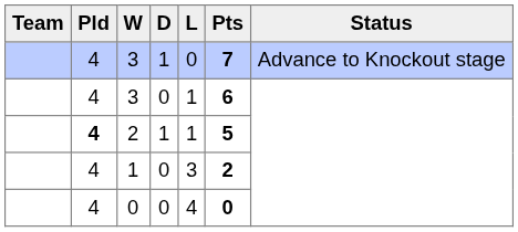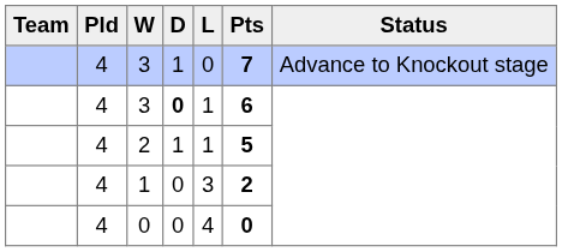 <table style=border-collapse:collapse border=1 cellspacing=0 cellpadding=5>
 <tr align=center bgcolor=#efefef>
 <th>Team</th>
 <th>Pld</th>
 <th>W</th>
 <th>D</th>
 <th>L</th>
 <th>Pts</th>
 <th>Status</th>
 </tr>
 <tr align=center style="background:#bbccff;">
 <td style="text-align:left;"> </td>
 <td>4</td>
 <td>3</td>
 <td>1</td>
 <td>0</td>
 <td><strong>7</strong></td>
 <td rowspan=1>Advance to Knockout stage</td>
 </tr>
 <tr align=center style="background:#FFFFFF;">
 <td style="text-align:left;"> </td>
 <td>4</td>
 <td>3</td>
-<td>0</td>
+<td><strong>0</strong></td>
 <td>1</td>
 <td><strong>6</strong></td>
 <td rowspan=4></td>
 </tr>
 <tr align=center style="background:#FFFFFF;">
 <td style="text-align:left;"> </td>
-<td><strong>4</strong></td>
+<td>4</td>
 <td>2</td>
 <td>1</td>
 <td>1</td>
 <td><strong>5</strong></td>
 </tr>
 <tr align=center style="background:#FFFFFF;">
 <td style="text-align:left;"> </td>
 <td>4</td>
 <td>1</td>
 <td>0</td>
 <td>3</td>
 <td><strong>2</strong></td>
 </tr>
 <tr align=center style="background:#FFFFFF;">
 <td style="text-align:left;"> </td>
 <td>4</td>
 <td>0</td>
 <td>0</td>
 <td>4</td>
 <td><strong>0</strong></td>
 </tr>
 </table>
